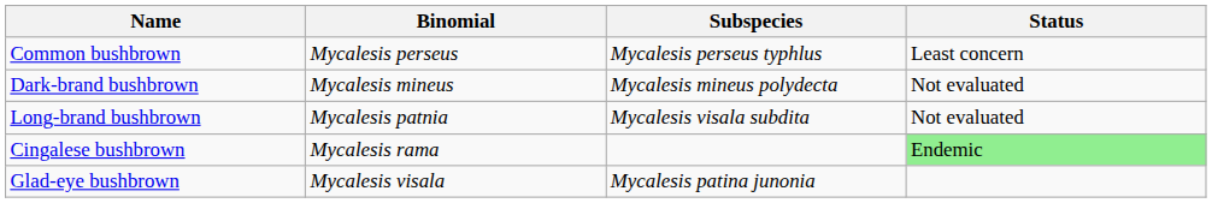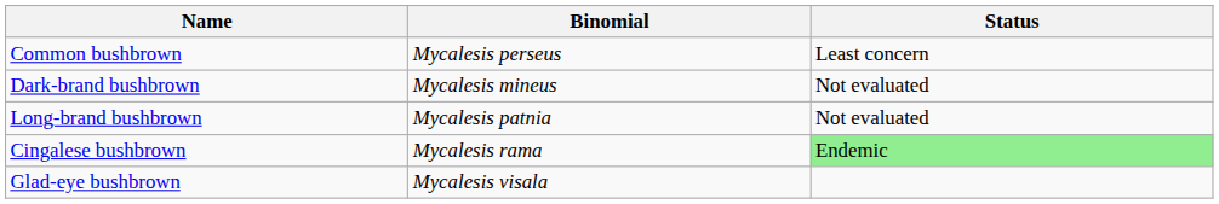 <table width=60% class="wikitable">
 <tr>
 <th width=20%>Name</th>
 <th width=20%>Binomial</th>
-<th width=20%>Subspecies</th>
 <th width=20%>Status</th>
 </tr>
 <tr>
 <td><a href='#'>Common bushbrown</a><br>  </td>
 <td><em>Mycalesis perseus</em></td>
-<td><em>Mycalesis perseus typhlus</em></td>
 <td>Least concern</td>
 </tr>
 <tr>
 <td><a href='#'>Dark-brand bushbrown</a><br>  </td>
 <td><em>Mycalesis mineus</em></td>
-<td><em>Mycalesis mineus polydecta</em></td>
 <td>Not evaluated</td>
 </tr>
 <tr>
 <td><a href='#'>Long-brand bushbrown</a><br></td>
 <td><em>Mycalesis patnia</em></td>
-<td><em>Mycalesis visala subdita</em></td>
 <td>Not evaluated</td>
 </tr>
 <tr>
 <td><a href='#'>Cingalese bushbrown</a><br></td>
 <td><em>Mycalesis rama</em></td>
-<td></td>
 <td style="background: lightgreen;">Endemic</td>
 </tr>
 <tr>
 <td><a href='#'>Glad-eye bushbrown</a><br> </td>
 <td><em>Mycalesis visala</em></td>
-<td><em>Mycalesis patina junonia</em></td>
 <td></td>
 </tr>
 </table>
